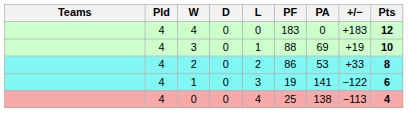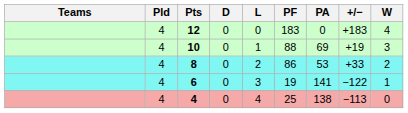 <table class="wikitable" style="text-align: center;">
 <tr>
 <th width="200">Teams</th>
 <th width="40">Pld</th>
-<th width="40">W</th>
+<th width="40">Pts</th>
 <th width="40">D</th>
 <th width="40">L</th>
 <th width="40">PF</th>
 <th width="40">PA</th>
 <th width="40">+/−</th>
-<th width="40">Pts</th>
+<th width="40">W</th>
 </tr>
 <tr bgcolor=ccffcc>
 <td align=left></td>
 <td>4</td>
-<td>4</td>
+<td><strong>12</strong></td>
 <td>0</td>
 <td>0</td>
 <td>183</td>
 <td>0</td>
 <td>+183</td>
-<td><strong>12</strong></td>
+<td>4</td>
 </tr>
 <tr bgcolor=ccffcc>
 <td align=left></td>
 <td>4</td>
-<td>3</td>
+<td><strong>10</strong></td>
 <td>0</td>
 <td>1</td>
 <td>88</td>
 <td>69</td>
 <td>+19</td>
-<td><strong>10</strong></td>
+<td>3</td>
 </tr>
 <tr bgcolor=81F7F3>
 <td align=left></td>
 <td>4</td>
-<td>2</td>
+<td><strong>8</strong></td>
 <td>0</td>
 <td>2</td>
 <td>86</td>
 <td>53</td>
 <td>+33</td>
-<td><strong>8</strong></td>
+<td>2</td>
 </tr>
 <tr bgcolor=81F7F3>
 <td align=left></td>
 <td>4</td>
-<td>1</td>
+<td><strong>6</strong></td>
 <td>0</td>
 <td>3</td>
 <td>19</td>
 <td>141</td>
 <td>−122</td>
-<td><strong>6</strong></td>
+<td>1</td>
 </tr>
 <tr bgcolor=F5A9A9>
 <td align=left></td>
 <td>4</td>
-<td>0</td>
+<td><strong>4</strong></td>
 <td>0</td>
 <td>4</td>
 <td>25</td>
 <td>138</td>
 <td>−113</td>
-<td><strong>4</strong></td>
+<td>0</td>
 </tr>
 </table>
